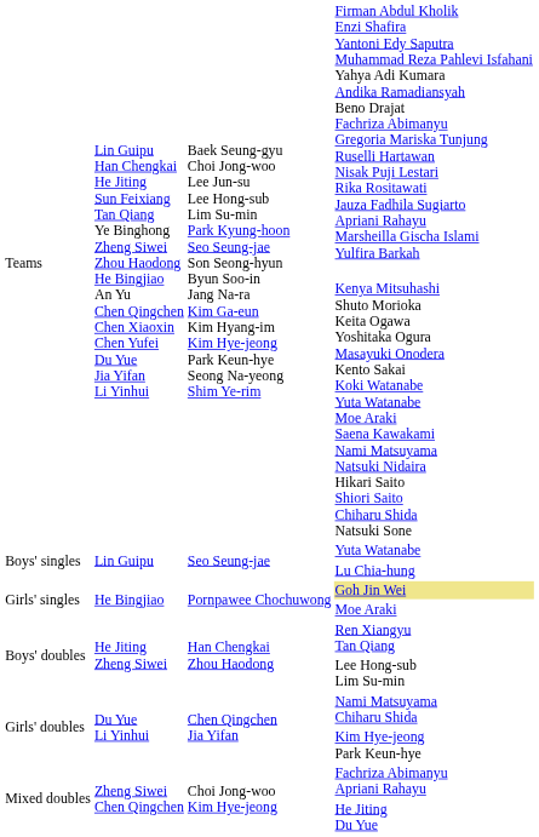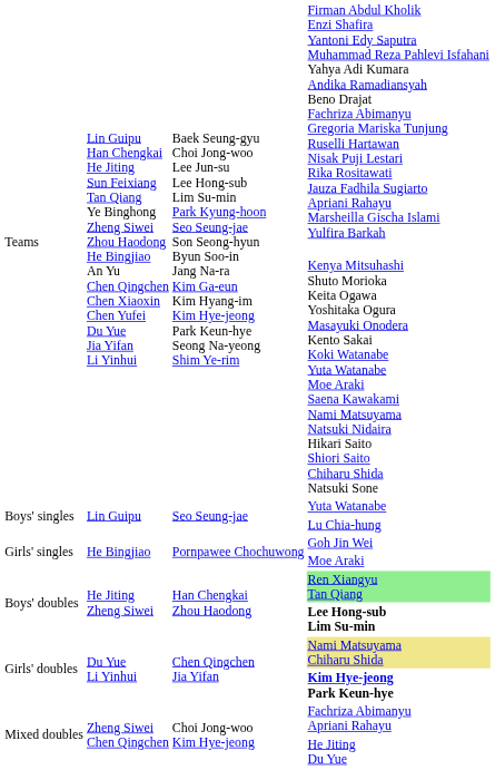 <table>
 <tr>
 <td rowspan=2>Teams<br></td>
 <td rowspan=2> <br> <a href='#'>Lin Guipu</a><br><a href='#'>Han Chengkai</a><br><a href='#'>He Jiting</a><br><a href='#'>Sun Feixiang</a><br><a href='#'>Tan Qiang</a><br>Ye Binghong<br><a href='#'>Zheng Siwei</a><br><a href='#'>Zhou Haodong</a><br><a href='#'>He Bingjiao</a><br>An Yu<br><a href='#'>Chen Qingchen</a><br><a href='#'>Chen Xiaoxin</a><br><a href='#'>Chen Yufei</a><br><a href='#'>Du Yue</a><br><a href='#'>Jia Yifan</a><br><a href='#'>Li Yinhui</a></td>
 <td rowspan=2> <br>Baek Seung-gyu<br>Choi Jong-woo<br>Lee Jun-su<br>Lee Hong-sub<br>Lim Su-min<br><a href='#'>Park Kyung-hoon</a><br><a href='#'>Seo Seung-jae</a><br>Son Seong-hyun<br>Byun Soo-in<br>Jang Na-ra<br><a href='#'>Kim Ga-eun</a><br>Kim Hyang-im<br><a href='#'>Kim Hye-jeong</a><br>Park Keun-hye<br>Seong Na-yeong<br><a href='#'>Shim Ye-rim</a></td>
 <td> <br> <a href='#'>Firman Abdul Kholik</a><br><a href='#'>Enzi Shafira</a><br><a href='#'>Yantoni Edy Saputra</a><br><a href='#'>Muhammad Reza Pahlevi Isfahani</a><br>Yahya Adi Kumara<br><a href='#'>Andika Ramadiansyah</a><br>Beno Drajat<br><a href='#'>Fachriza Abimanyu</a><br><a href='#'>Gregoria Mariska Tunjung</a><br><a href='#'>Ruselli Hartawan</a><br><a href='#'>Nisak Puji Lestari</a><br><a href='#'>Rika Rositawati</a><br><a href='#'>Jauza Fadhila Sugiarto</a><br><a href='#'>Apriani Rahayu</a><br><a href='#'>Marsheilla Gischa Islami</a><br><a href='#'>Yulfira Barkah</a></td>
 </tr>
 <tr>
 <td> <br> <a href='#'>Kenya Mitsuhashi</a><br>Shuto Morioka<br>Keita Ogawa<br>Yoshitaka Ogura<br><a href='#'>Masayuki Onodera</a><br>Kento Sakai<br><a href='#'>Koki Watanabe</a><br><a href='#'>Yuta Watanabe</a><br><a href='#'>Moe Araki</a><br><a href='#'>Saena Kawakami</a><br><a href='#'>Nami Matsuyama</a><br><a href='#'>Natsuki Nidaira</a><br>Hikari Saito<br><a href='#'>Shiori Saito</a><br><a href='#'>Chiharu Shida</a><br>Natsuki Sone</td>
 </tr>
 <tr>
 <td rowspan=2>Boys' singles<br></td>
 <td rowspan=2> <a href='#'>Lin Guipu</a></td>
 <td rowspan=2> <a href='#'>Seo Seung-jae</a></td>
 <td> <a href='#'>Yuta Watanabe</a></td>
 </tr>
 <tr>
 <td> <a href='#'>Lu Chia-hung</a></td>
 </tr>
 <tr>
 <td rowspan=2>Girls' singles<br></td>
 <td rowspan=2> <a href='#'>He Bingjiao</a></td>
 <td rowspan=2> <a href='#'>Pornpawee Chochuwong</a></td>
-<td style="background: khaki;"> <a href='#'>Goh Jin Wei</a></td>
+<td> <a href='#'>Goh Jin Wei</a></td>
 </tr>
 <tr>
 <td> <a href='#'>Moe Araki</a></td>
 </tr>
 <tr>
 <td rowspan=2>Boys' doubles<br></td>
 <td rowspan=2> <a href='#'>He Jiting</a><br> <a href='#'>Zheng Siwei</a></td>
 <td rowspan=2> <a href='#'>Han Chengkai</a><br> <a href='#'>Zhou Haodong</a></td>
-<td> <a href='#'>Ren Xiangyu</a><br> <a href='#'>Tan Qiang</a></td>
+<td style="background: lightgreen;"> <a href='#'>Ren Xiangyu</a><br> <a href='#'>Tan Qiang</a></td>
 </tr>
 <tr>
-<td> Lee Hong-sub<br> Lim Su-min</td>
+<td><strong> Lee Hong-sub<br> Lim Su-min</strong></td>
 </tr>
 <tr>
 <td rowspan=2>Girls' doubles<br></td>
 <td rowspan=2> <a href='#'>Du Yue</a><br> <a href='#'>Li Yinhui</a></td>
 <td rowspan=2> <a href='#'>Chen Qingchen</a><br> <a href='#'>Jia Yifan</a></td>
-<td> <a href='#'>Nami Matsuyama</a><br> <a href='#'>Chiharu Shida</a></td>
+<td style="background: khaki;"> <a href='#'>Nami Matsuyama</a><br> <a href='#'>Chiharu Shida</a></td>
 </tr>
 <tr>
-<td> <a href='#'>Kim Hye-jeong</a><br> Park Keun-hye</td>
+<td><strong> <a href='#'>Kim Hye-jeong</a><br> Park Keun-hye</strong></td>
 </tr>
 <tr>
 <td rowspan=2>Mixed doubles<br></td>
 <td rowspan=2> <a href='#'>Zheng Siwei</a><br> <a href='#'>Chen Qingchen</a></td>
 <td rowspan=2> Choi Jong-woo<br> <a href='#'>Kim Hye-jeong</a></td>
 <td> <a href='#'>Fachriza Abimanyu</a><br> <a href='#'>Apriani Rahayu</a></td>
 </tr>
 <tr>
 <td> <a href='#'>He Jiting</a><br> <a href='#'>Du Yue</a></td>
 </tr>
 </table>
